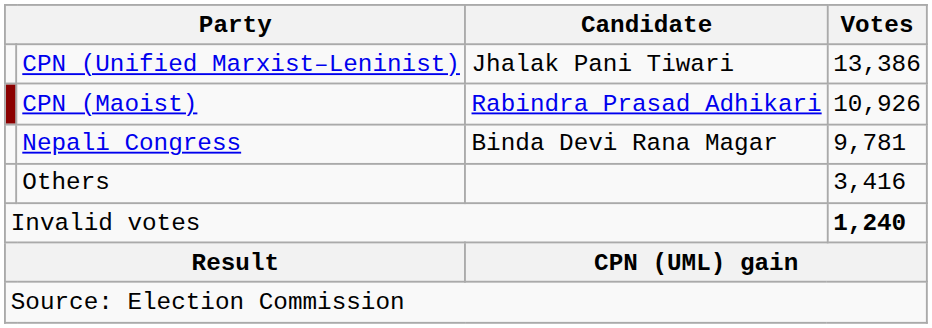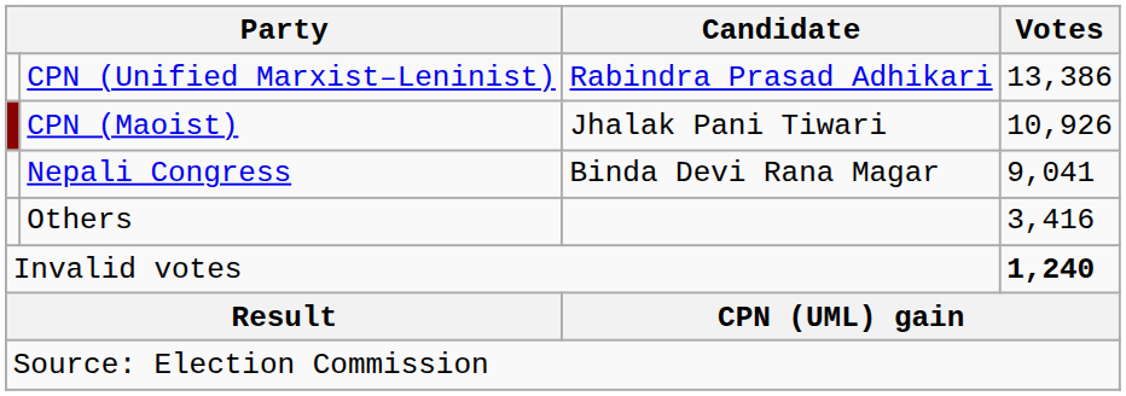 <table class="wikitable">
 <tr>
 <th colspan="2">Party</th>
 <th>Candidate</th>
 <th>Votes</th>
 </tr>
 <tr>
 <td style="background-color:"></td>
 <td><a href='#'>CPN (Unified Marxist–Leninist)</a></td>
-<td>Jhalak Pani Tiwari</td>
+<td><a href='#'>Rabindra Prasad Adhikari</a></td>
 <td>13,386</td>
 </tr>
 <tr>
 <td style="background-color:darkred"></td>
 <td><a href='#'>CPN (Maoist)</a></td>
-<td><a href='#'>Rabindra Prasad Adhikari</a></td>
+<td>Jhalak Pani Tiwari</td>
 <td>10,926</td>
 </tr>
 <tr>
 <td style="background-color:"></td>
 <td><a href='#'>Nepali Congress</a></td>
 <td>Binda Devi Rana Magar</td>
-<td>9,781</td>
+<td>9,041</td>
 </tr>
 <tr>
 <td></td>
 <td>Others</td>
 <td></td>
 <td>3,416</td>
 </tr>
 <tr>
 <td colspan="3">Invalid votes</td>
 <td><strong>1,240</strong></td>
 </tr>
 <tr>
 <th colspan="2">Result</th>
 <th colspan="2">CPN (UML) gain</th>
 </tr>
 <tr>
 <td colspan="4">Source: Election Commission</td>
 </tr>
 </table>
